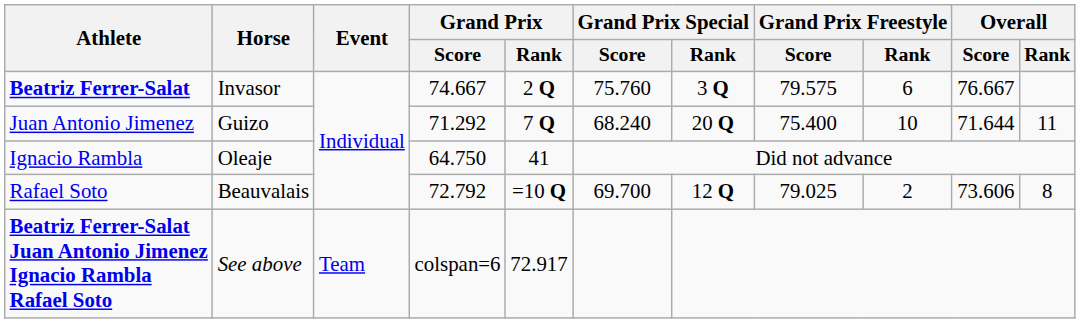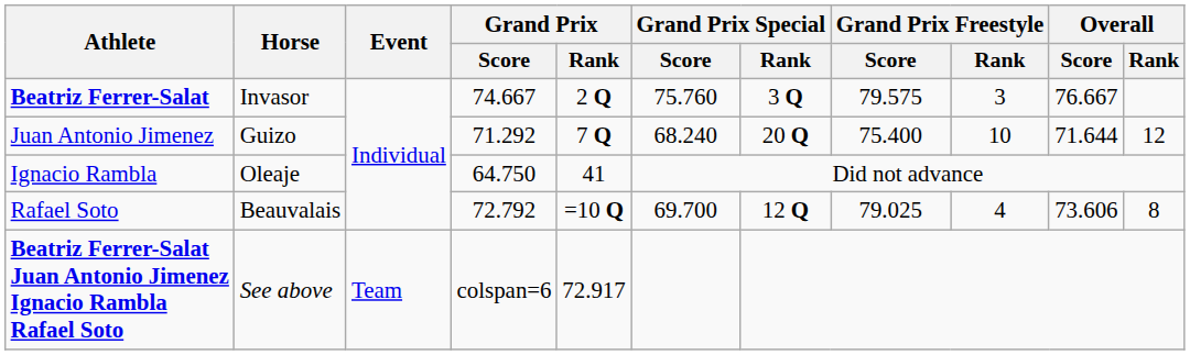 <table class=wikitable style="font-size:90%">
 <tr>
 <th rowspan="2">Athlete</th>
 <th rowspan="2">Horse</th>
 <th rowspan="2">Event</th>
 <th colspan="2">Grand Prix</th>
 <th colspan="2">Grand Prix Special</th>
 <th colspan="2">Grand Prix Freestyle</th>
 <th colspan="2">Overall</th>
 </tr>
 <tr style="font-size:95%">
 <th>Score</th>
 <th>Rank</th>
 <th>Score</th>
 <th>Rank</th>
 <th>Score</th>
 <th>Rank</th>
 <th>Score</th>
 <th>Rank</th>
 </tr>
 <tr align=center>
 <td align=left><strong><a href='#'>Beatriz Ferrer-Salat</a></strong></td>
 <td align=left>Invasor</td>
 <td align=left rowspan=4><a href='#'>Individual</a></td>
 <td>74.667</td>
 <td>2 <strong>Q</strong></td>
 <td>75.760</td>
 <td>3 <strong>Q</strong></td>
 <td>79.575</td>
-<td>6</td>
+<td>3</td>
 <td>76.667</td>
 <td></td>
 </tr>
 <tr align=center>
 <td align=left><a href='#'>Juan Antonio Jimenez</a></td>
 <td align=left>Guizo</td>
 <td>71.292</td>
 <td>7 <strong>Q</strong></td>
 <td>68.240</td>
 <td>20 <strong>Q</strong></td>
 <td>75.400</td>
 <td>10</td>
 <td>71.644</td>
-<td>11</td>
+<td>12</td>
 </tr>
 <tr align=center>
 <td align=left><a href='#'>Ignacio Rambla</a></td>
 <td align=left>Oleaje</td>
 <td>64.750</td>
 <td>41</td>
 <td colspan=6>Did not advance</td>
 </tr>
 <tr align=center>
 <td align=left><a href='#'>Rafael Soto</a></td>
 <td align=left>Beauvalais</td>
 <td>72.792</td>
 <td>=10 <strong>Q</strong></td>
 <td>69.700</td>
 <td>12 <strong>Q</strong></td>
 <td>79.025</td>
-<td>2</td>
+<td>4</td>
 <td>73.606</td>
 <td>8</td>
 </tr>
 <tr align=center>
 <td align=left><strong><a href='#'>Beatriz Ferrer-Salat</a><br><a href='#'>Juan Antonio Jimenez</a><br><a href='#'>Ignacio Rambla</a><br><a href='#'>Rafael Soto</a></strong></td>
 <td align=left><em>See above</em></td>
 <td align=left><a href='#'>Team</a></td>
 <td>colspan=6 </td>
 <td>72.917</td>
 <td></td>
 </tr>
 </table>
